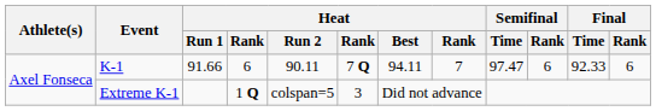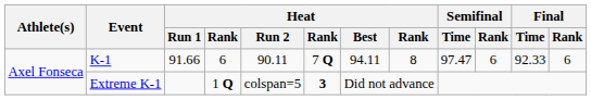 <table class="wikitable" style="font-size:90%">
 <tr>
 <th rowspan=2>Athlete(s)</th>
 <th rowspan=2>Event</th>
 <th colspan="6">Heat</th>
 <th colspan="2">Semifinal</th>
 <th colspan="2">Final</th>
 </tr>
 <tr style="font-size:95%">
 <th>Run 1</th>
 <th>Rank</th>
 <th>Run 2</th>
 <th>Rank</th>
 <th>Best</th>
 <th>Rank</th>
 <th>Time</th>
 <th>Rank</th>
 <th>Time</th>
 <th>Rank</th>
 </tr>
 <tr align=center>
 <td align=left rowspan="2"><a href='#'>Axel Fonseca</a></td>
 <td align=left><a href='#'>K-1</a></td>
 <td>91.66</td>
 <td>6</td>
 <td>90.11</td>
 <td>7 <strong>Q</strong></td>
 <td>94.11</td>
-<td>7</td>
+<td>8</td>
 <td>97.47</td>
 <td>6</td>
 <td>92.33</td>
 <td>6</td>
 </tr>
 <tr align=center>
 <td align=left><a href='#'>Extreme K-1</a></td>
 <td></td>
 <td>1 <strong>Q</strong></td>
 <td>colspan=5 </td>
-<td>3</td>
+<td><strong>3</strong></td>
 <td colspan=2>Did not advance</td>
 </tr>
 </table>
